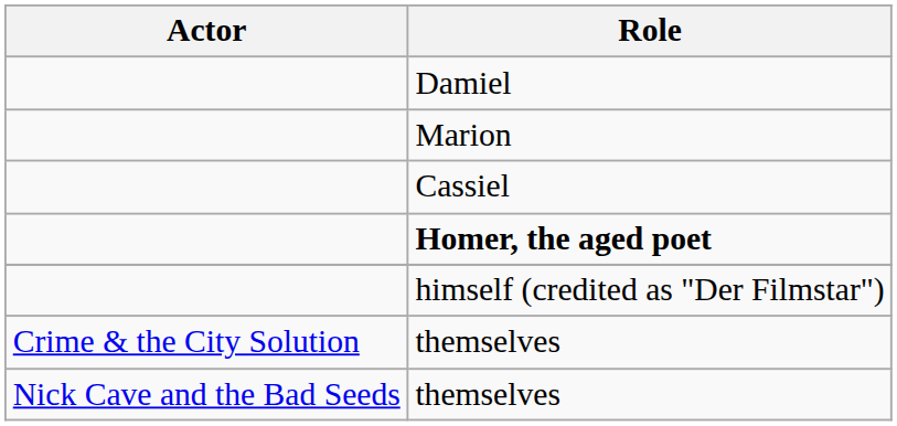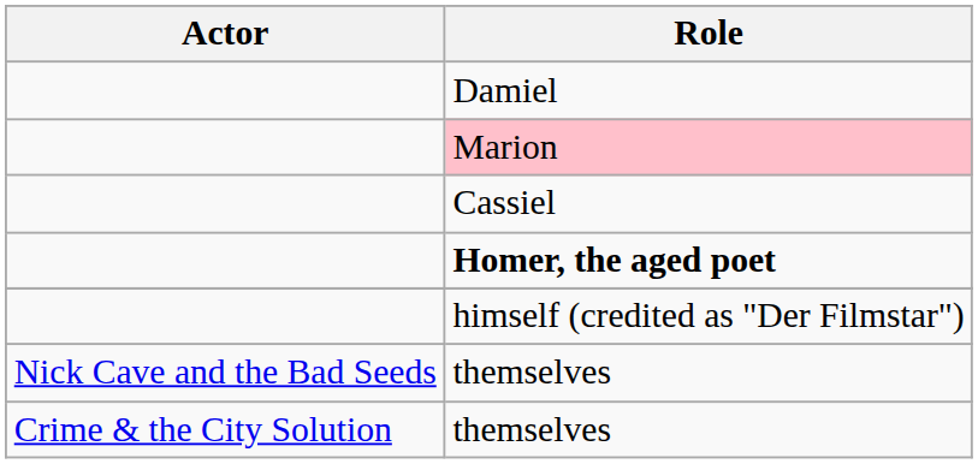 <table class="wikitable floatright">
 <tr>
 <th>Actor</th>
 <th>Role </th>
 </tr>
 <tr>
 <td></td>
 <td>Damiel</td>
 </tr>
 <tr>
 <td></td>
-<td>Marion</td>
+<td style="background: pink;">Marion</td>
 </tr>
 <tr>
 <td></td>
 <td>Cassiel</td>
 </tr>
 <tr>
 <td></td>
 <td><strong>Homer, the aged poet</strong></td>
 </tr>
 <tr>
 </tr>
 <tr>
 <td></td>
 <td>himself (credited as "Der Filmstar")</td>
 </tr>
 <tr>
+<td><a href='#'>Nick Cave and the Bad Seeds</a></td>
+<td>themselves</td>
+</tr>
+<tr>
 <td><a href='#'>Crime & the City Solution</a></td>
 <td>themselves</td>
 </tr>
-<tr>
-<td><a href='#'>Nick Cave and the Bad Seeds</a></td>
-<td>themselves</td>
-</tr>
 </table>
